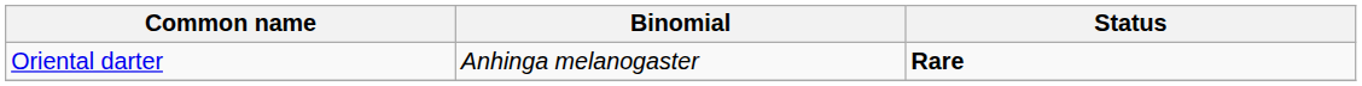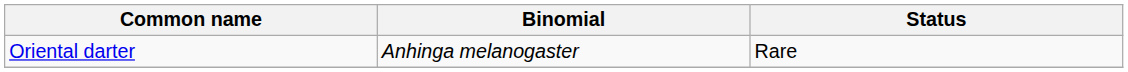 <table width=72% class="wikitable">
 <tr>
 <th width=24%>Common name</th>
 <th width=24%>Binomial</th>
 <th width=24%>Status</th>
 </tr>
 <tr>
 <td><a href='#'>Oriental darter</a></td>
 <td><em>Anhinga melanogaster</em></td>
-<td><strong>Rare</strong></td>
+<td>Rare</td>
 </tr>
 <tr>
 </tr>
 </table>
